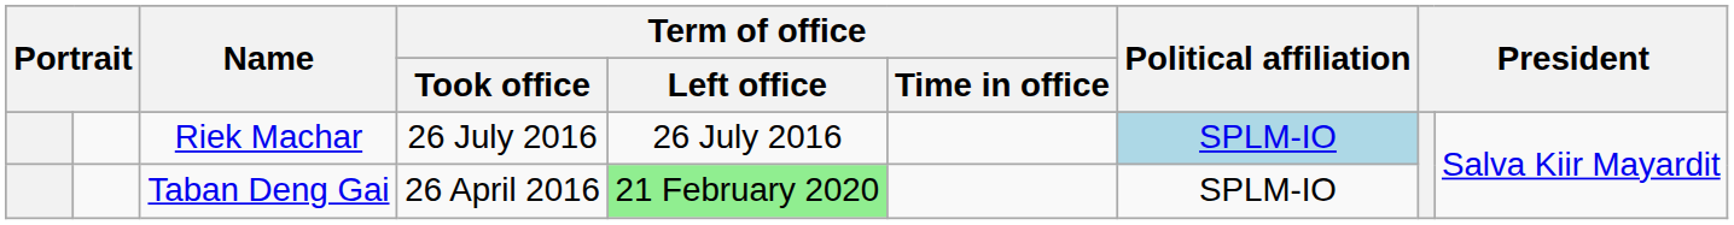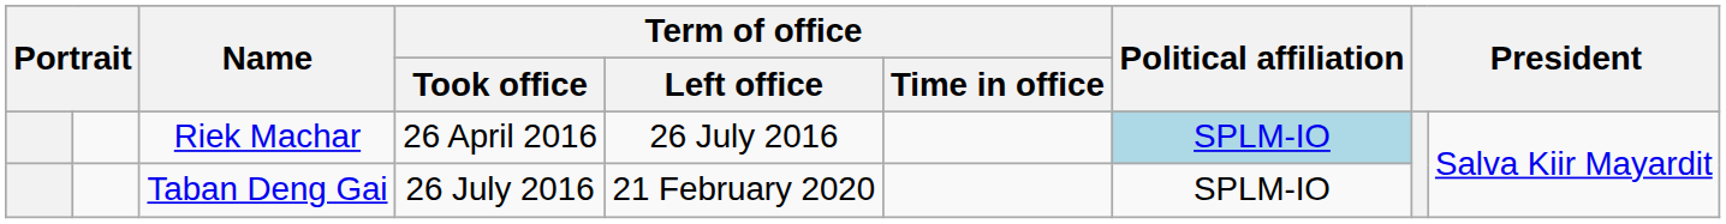 <table class="wikitable" style="text-align:center;">
 <tr>
 <th rowspan=2 colspan=2>Portrait</th>
 <th rowspan=2>Name</th>
 <th colspan=3>Term of office</th>
 <th rowspan=2>Political affiliation</th>
 <th rowspan=2 colspan=2>President</th>
 </tr>
 <tr>
 <th>Took office</th>
 <th>Left office</th>
 <th>Time in office</th>
 </tr>
 <tr>
 <th style="background:"></th>
 <td></td>
 <td><a href='#'>Riek Machar</a></td>
-<td>26 July 2016</td>
+<td>26 April 2016</td>
 <td>26 July 2016</td>
 <td></td>
 <td style="background: lightblue;"><a href='#'>SPLM-IO</a></td>
 <th rowspan=2 style="background:"></th>
 <td rowspan=2><a href='#'>Salva Kiir Mayardit</a></td>
 </tr>
 <tr>
 <th style="background:"></th>
 <td></td>
 <td><a href='#'>Taban Deng Gai</a></td>
-<td>26 April 2016</td>
-<td style="background: lightgreen;">21 February 2020</td>
+<td>26 July 2016</td>
+<td>21 February 2020</td>
 <td></td>
 <td>SPLM-IO<br></td>
 </tr>
 </table>
